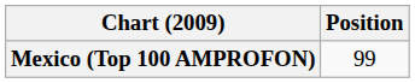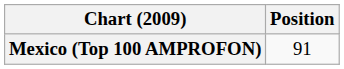 <table class="wikitable plainrowheaders">
 <tr>
 <th style="text-align:center;">Chart (2009)</th>
 <th style="text-align:center;">Position</th>
 </tr>
 <tr>
 <th scope="row" style="text-align:left;">Mexico (Top 100 AMPROFON)</th>
-<td style="text-align:center;">99</td>
+<td style="text-align:center;">91</td>
 </tr>
 </table>
